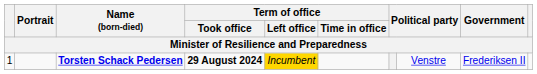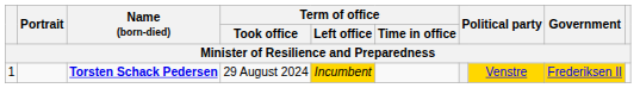 <table class="wikitable" style="text-align:center;">
 <tr>
 <th rowspan=2></th>
 <th rowspan=2>Portrait</th>
 <th rowspan=2>Name<br><small>(born-died)</small></th>
 <th colspan=3>Term of office</th>
 <th colspan=2 rowspan=2>Political party</th>
 <th rowspan=2>Government</th>
 <th rowspan=2></th>
 </tr>
 <tr>
 <th>Took office</th>
 <th>Left office</th>
 <th>Time in office</th>
 </tr>
 <tr>
 <th colspan=10>Minister of Resilience and Preparedness <br></th>
 </tr>
 <tr>
 <td>1</td>
 <td></td>
 <td><strong><a href='#'>Torsten Schack Pedersen</a></strong><br></td>
-<td><strong>29 August 2024</strong></td>
+<td>29 August 2024</td>
 <td style="background: gold;"><em>Incumbent</em></td>
 <td></td>
 <th style="background:"></th>
-<td><a href='#'>Venstre</a></td>
-<td><a href='#'>Frederiksen II</a></td>
+<td style="background: gold;"><a href='#'>Venstre</a></td>
+<td style="background: gold;"><a href='#'>Frederiksen II</a></td>
 <td></td>
 </tr>
 </table>
